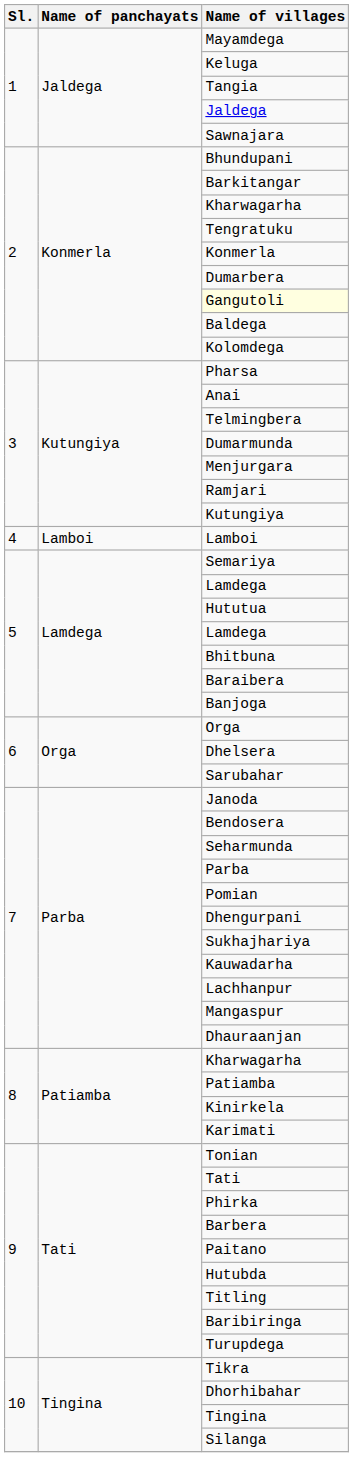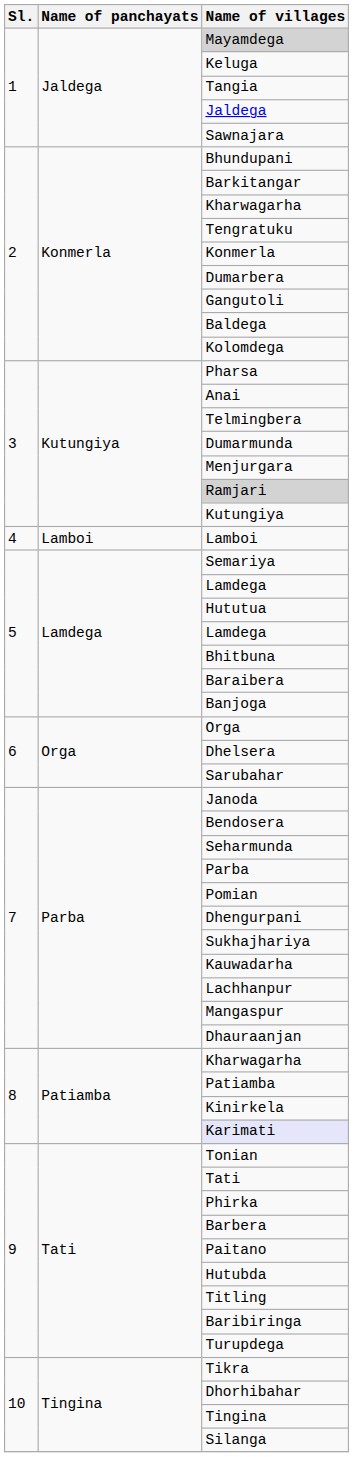 <table class="wikitable plainrowheaders sortable">
 <tr>
 <th scope="col">Sl.</th>
 <th scope="col">Name of panchayats</th>
 <th scope="col">Name of villages</th>
 </tr>
 <tr>
 <td rowspan="5">1</td>
 <td rowspan="5">Jaldega</td>
-<td>Mayamdega</td>
+<td style="background: lightgrey;">Mayamdega</td>
 </tr>
 <tr>
 <td>Keluga</td>
 </tr>
 <tr>
 <td>Tangia</td>
 </tr>
 <tr>
 <td><a href='#'>Jaldega</a></td>
 </tr>
 <tr>
 <td>Sawnajara</td>
 </tr>
 <tr>
 <td rowspan="9">2</td>
 <td rowspan="9">Konmerla</td>
 <td>Bhundupani</td>
 </tr>
 <tr>
 <td>Barkitangar</td>
 </tr>
 <tr>
 <td>Kharwagarha</td>
 </tr>
 <tr>
 <td>Tengratuku</td>
 </tr>
 <tr>
 <td>Konmerla</td>
 </tr>
 <tr>
 <td>Dumarbera</td>
 </tr>
 <tr>
-<td style="background: lightyellow;">Gangutoli</td>
+<td>Gangutoli</td>
 </tr>
 <tr>
 <td>Baldega</td>
 </tr>
 <tr>
 <td>Kolomdega</td>
 </tr>
 <tr>
 <td rowspan="7">3</td>
 <td rowspan="7">Kutungiya</td>
 <td>Pharsa</td>
 </tr>
 <tr>
 <td>Anai</td>
 </tr>
 <tr>
 <td>Telmingbera</td>
 </tr>
 <tr>
 <td>Dumarmunda</td>
 </tr>
 <tr>
 <td>Menjurgara</td>
 </tr>
 <tr>
-<td>Ramjari</td>
+<td style="background: lightgrey;">Ramjari</td>
 </tr>
 <tr>
 <td>Kutungiya</td>
 </tr>
 <tr>
 <td>4</td>
 <td>Lamboi</td>
 <td>Lamboi</td>
 </tr>
 <tr>
 <td rowspan="7">5</td>
 <td rowspan="7">Lamdega</td>
 <td>Semariya</td>
 </tr>
 <tr>
 <td>Lamdega</td>
 </tr>
 <tr>
 <td>Hututua</td>
 </tr>
 <tr>
 <td>Lamdega</td>
 </tr>
 <tr>
 <td>Bhitbuna</td>
 </tr>
 <tr>
 <td>Baraibera</td>
 </tr>
 <tr>
 <td>Banjoga</td>
 </tr>
 <tr>
 <td rowspan="3">6</td>
 <td rowspan="3">Orga</td>
 <td>Orga</td>
 </tr>
 <tr>
 <td>Dhelsera</td>
 </tr>
 <tr>
 <td>Sarubahar</td>
 </tr>
 <tr>
 <td rowspan="11">7</td>
 <td rowspan="11">Parba</td>
 <td>Janoda</td>
 </tr>
 <tr>
 <td>Bendosera</td>
 </tr>
 <tr>
 <td>Seharmunda</td>
 </tr>
 <tr>
 <td>Parba</td>
 </tr>
 <tr>
 <td>Pomian</td>
 </tr>
 <tr>
 <td>Dhengurpani</td>
 </tr>
 <tr>
 <td>Sukhajhariya</td>
 </tr>
 <tr>
 <td>Kauwadarha</td>
 </tr>
 <tr>
 <td>Lachhanpur</td>
 </tr>
 <tr>
 <td>Mangaspur</td>
 </tr>
 <tr>
 <td>Dhauraanjan</td>
 </tr>
 <tr>
 <td rowspan="4">8</td>
 <td rowspan="4">Patiamba</td>
 <td>Kharwagarha</td>
 </tr>
 <tr>
 <td>Patiamba</td>
 </tr>
 <tr>
 <td>Kinirkela</td>
 </tr>
 <tr>
-<td>Karimati</td>
+<td style="background: lavender;">Karimati</td>
 </tr>
 <tr>
 <td rowspan="9">9</td>
 <td rowspan="9">Tati</td>
 <td>Tonian</td>
 </tr>
 <tr>
 <td>Tati</td>
 </tr>
 <tr>
 <td>Phirka</td>
 </tr>
 <tr>
 <td>Barbera</td>
 </tr>
 <tr>
 <td>Paitano</td>
 </tr>
 <tr>
 <td>Hutubda</td>
 </tr>
 <tr>
 <td>Titling</td>
 </tr>
 <tr>
 <td>Baribiringa</td>
 </tr>
 <tr>
 <td>Turupdega</td>
 </tr>
 <tr>
 <td rowspan="4">10</td>
 <td rowspan="4">Tingina</td>
 <td>Tikra</td>
 </tr>
 <tr>
 <td>Dhorhibahar</td>
 </tr>
 <tr>
 <td>Tingina</td>
 </tr>
 <tr>
 <td>Silanga</td>
 </tr>
 <tr>
 </tr>
 </table>
